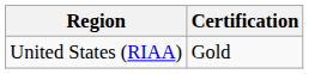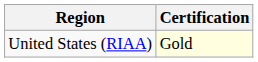 <table class="wikitable">
 <tr>
 <th><strong>Region</strong></th>
 <th><strong>Certification</strong></th>
 </tr>
 <tr>
 <td>United States (<a href='#'>RIAA</a>)</td>
-<td>Gold</td>
+<td style="background: lightyellow;">Gold</td>
 </tr>
 </table>
